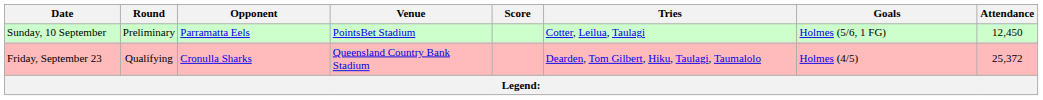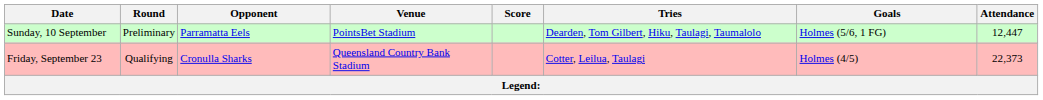 <table class="wikitable" style="font-size:75%;">
 <tr>
 <th style="width:120px;">Date</th>
 <th style="width:50px;">Round</th>
 <th style="width:160px;">Opponent</th>
 <th style="width:170px;">Venue</th>
 <th style="width:50px;">Score</th>
 <th style="width:270px;">Tries</th>
 <th style="width:190px;">Goals</th>
 <th style="width:60px;">Attendance</th>
 </tr>
 <tr style="background:#CCFFCC">
 <td>Sunday, 10 September</td>
 <td style="text-align:center;">Preliminary</td>
 <td> <a href='#'>Parramatta Eels</a></td>
 <td><a href='#'>PointsBet Stadium</a></td>
 <td style="text-align:center;"></td>
-<td><a href='#'>Cotter</a>, <a href='#'>Leilua</a>, <a href='#'>Taulagi</a></td>
+<td><a href='#'>Dearden</a>, <a href='#'>Tom Gilbert</a>, <a href='#'>Hiku</a>, <a href='#'>Taulagi</a>, <a href='#'>Taumalolo</a></td>
 <td><a href='#'>Holmes</a> (5/6, 1 FG)</td>
-<td style="text-align:center;">12,450</td>
+<td style="text-align:center;">12,447</td>
 </tr>
 <tr style="background:#FFBBBB">
 <td>Friday, September 23</td>
 <td style="text-align:center;">Qualifying</td>
 <td> <a href='#'>Cronulla Sharks</a></td>
 <td><a href='#'>Queensland Country Bank Stadium</a></td>
 <td style="text-align:center;"></td>
-<td><a href='#'>Dearden</a>, <a href='#'>Tom Gilbert</a>, <a href='#'>Hiku</a>, <a href='#'>Taulagi</a>, <a href='#'>Taumalolo</a></td>
+<td><a href='#'>Cotter</a>, <a href='#'>Leilua</a>, <a href='#'>Taulagi</a></td>
 <td><a href='#'>Holmes</a> (4/5)</td>
-<td style="text-align:center;">25,372</td>
+<td style="text-align:center;">22,373</td>
 </tr>
 <tr>
 <th colspan="8"><strong>Legend</strong>:   </th>
 </tr>
 </table>
